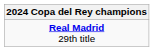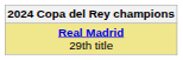 <table class=wikitable style="text-align:center; margin:auto">
 <tr>
 <th>2024 Copa del Rey champions</th>
 </tr>
 <tr>
-<td><strong><a href='#'>Real Madrid</a></strong><br>29th title</td>
+<td style="background: khaki;"><strong><a href='#'>Real Madrid</a></strong><br>29th title</td>
 </tr>
 </table>
